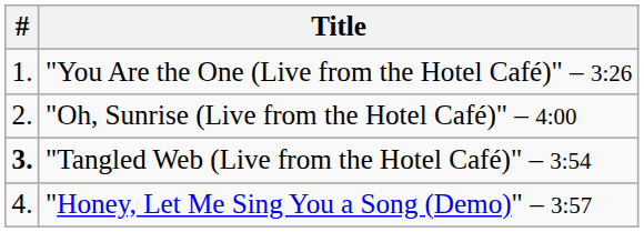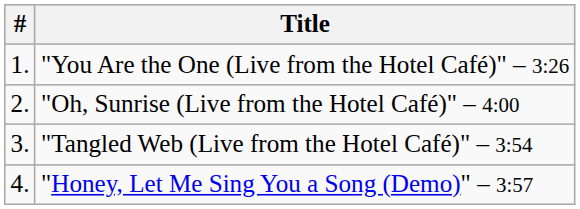 <table class="wikitable">
 <tr>
 <th>#</th>
 <th>Title</th>
 </tr>
 <tr>
 <td>1.</td>
 <td>"You Are the One (Live from the Hotel Café)" – <small>3:26</small></td>
 </tr>
 <tr>
 <td>2.</td>
 <td>"Oh, Sunrise (Live from the Hotel Café)" – <small>4:00</small></td>
 </tr>
 <tr>
-<td><strong>3.</strong></td>
+<td>3.</td>
 <td>"Tangled Web (Live from the Hotel Café)" – <small>3:54</small></td>
 </tr>
 <tr>
 <td>4.</td>
 <td>"<a href='#'>Honey, Let Me Sing You a Song (Demo)</a>" – <small>3:57</small></td>
 </tr>
 </table>
